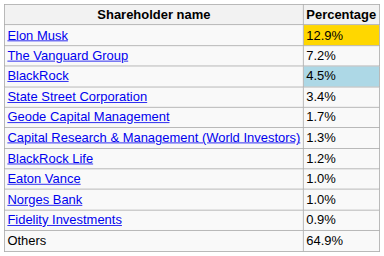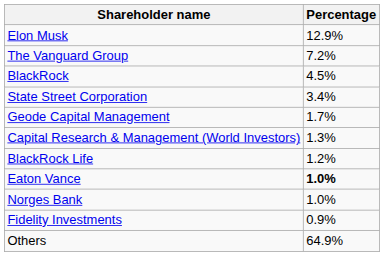 <table class="wikitable sortable col2right">
 <tr>
 <th>Shareholder name</th>
 <th>Percentage</th>
 </tr>
 <tr>
 <td><a href='#'>Elon Musk</a></td>
-<td style="background: gold;">12.9%</td>
+<td>12.9%</td>
 </tr>
 <tr>
 <td><a href='#'>The Vanguard Group</a></td>
 <td>7.2%</td>
 </tr>
 <tr>
 <td><a href='#'>BlackRock</a></td>
-<td style="background: lightblue;">4.5%</td>
+<td>4.5%</td>
 </tr>
 <tr>
 <td><a href='#'>State Street Corporation</a></td>
 <td>3.4%</td>
 </tr>
 <tr>
 <td><a href='#'>Geode Capital Management</a></td>
 <td>1.7%</td>
 </tr>
 <tr>
 <td><a href='#'>Capital Research & Management (World Investors)</a></td>
 <td>1.3%</td>
 </tr>
 <tr>
 <td><a href='#'>BlackRock Life</a></td>
 <td>1.2%</td>
 </tr>
 <tr>
 <td><a href='#'>Eaton Vance</a></td>
-<td>1.0%</td>
+<td><strong>1.0%</strong></td>
 </tr>
 <tr>
 <td><a href='#'>Norges Bank</a></td>
 <td>1.0%</td>
 </tr>
 <tr>
 <td><a href='#'>Fidelity Investments</a></td>
 <td>0.9%</td>
 </tr>
 <tr>
 <td>Others</td>
 <td>64.9%</td>
 </tr>
 </table>
